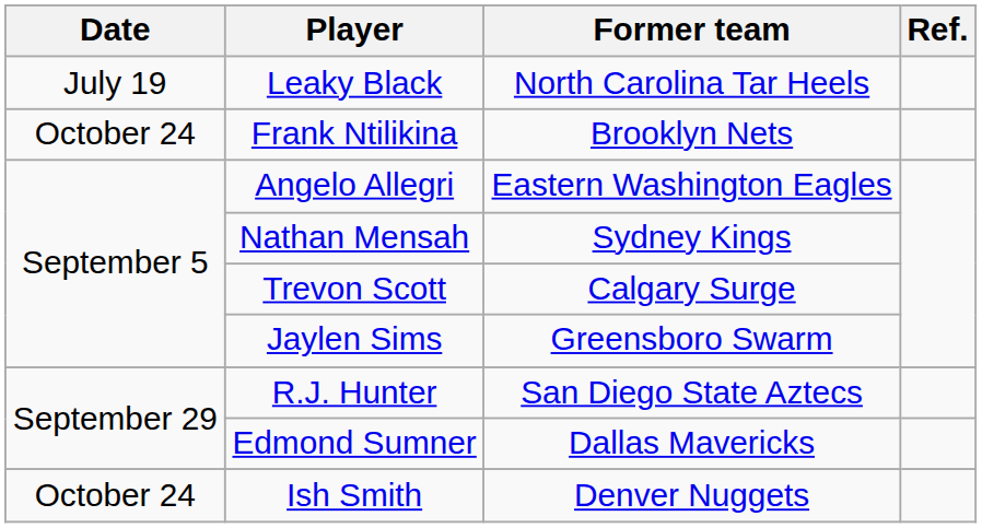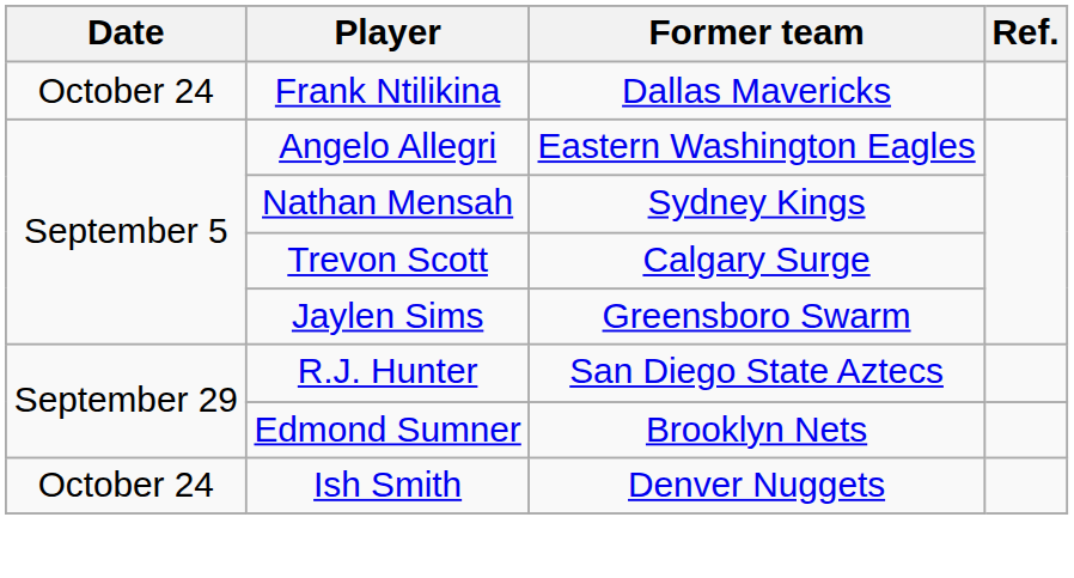 <table class="wikitable sortable sortable" style="text-align: center">
 <tr>
 <th>Date</th>
 <th>Player</th>
 <th>Former team</th>
 <th>Ref.</th>
 </tr>
 <tr>
-<td>July 19</td>
-<td><a href='#'>Leaky Black</a></td>
-<td><a href='#'>North Carolina Tar Heels</a></td>
-<td></td>
-</tr>
-<tr>
 <td>October 24</td>
 <td><a href='#'>Frank Ntilikina</a></td>
-<td><a href='#'>Brooklyn Nets</a></td>
+<td><a href='#'>Dallas Mavericks</a></td>
 <td></td>
 </tr>
 <tr>
 <td rowspan=4>September 5</td>
 <td><a href='#'>Angelo Allegri</a></td>
 <td><a href='#'>Eastern Washington Eagles</a></td>
 <td rowspan=4></td>
 </tr>
 <tr>
 <td><a href='#'>Nathan Mensah</a></td>
 <td><a href='#'>Sydney Kings</a></td>
 </tr>
 <tr>
 <td><a href='#'>Trevon Scott</a></td>
 <td><a href='#'>Calgary Surge</a></td>
 </tr>
 <tr>
 <td><a href='#'>Jaylen Sims</a></td>
 <td><a href='#'>Greensboro Swarm</a></td>
 </tr>
 <tr>
 <td rowspan=2>September 29</td>
 <td><a href='#'>R.J. Hunter</a></td>
 <td><a href='#'>San Diego State Aztecs</a></td>
 <td></td>
 </tr>
 <tr>
 <td><a href='#'>Edmond Sumner</a></td>
-<td><a href='#'>Dallas Mavericks</a></td>
+<td><a href='#'>Brooklyn Nets</a></td>
 <td></td>
 </tr>
 <tr>
 <td>October 24</td>
 <td><a href='#'>Ish Smith</a></td>
 <td><a href='#'>Denver Nuggets</a></td>
 <td></td>
 </tr>
 </table>
